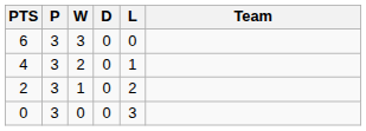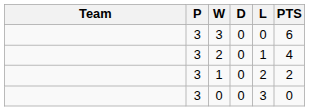 <table class=wikitable style="text-align:center">
 <tr>
-<th width=20>PTS</th>
+<th width=220>Team</th>
 <th width=20>P</th>
 <th width=20>W</th>
 <th width=20>D</th>
 <th width=20>L</th>
-<th width=220>Team</th>
+<th width=20>PTS</th>
 </tr>
 <tr>
-<td>6</td>
+<td style="text-align:left;"></td>
 <td>3</td>
 <td>3</td>
 <td>0</td>
 <td>0</td>
-<td style="text-align:left;"></td>
+<td>6</td>
 </tr>
 <tr>
-<td>4</td>
+<td style="text-align:left;"></td>
 <td>3</td>
 <td>2</td>
 <td>0</td>
 <td>1</td>
-<td style="text-align:left;"></td>
+<td>4</td>
 </tr>
 <tr>
-<td>2</td>
+<td style="text-align:left;"></td>
 <td>3</td>
 <td>1</td>
 <td>0</td>
 <td>2</td>
-<td style="text-align:left;"></td>
+<td>2</td>
 </tr>
 <tr>
-<td>0</td>
+<td style="text-align:left;"></td>
 <td>3</td>
 <td>0</td>
 <td>0</td>
 <td>3</td>
-<td style="text-align:left;"></td>
+<td>0</td>
 </tr>
 </table>
